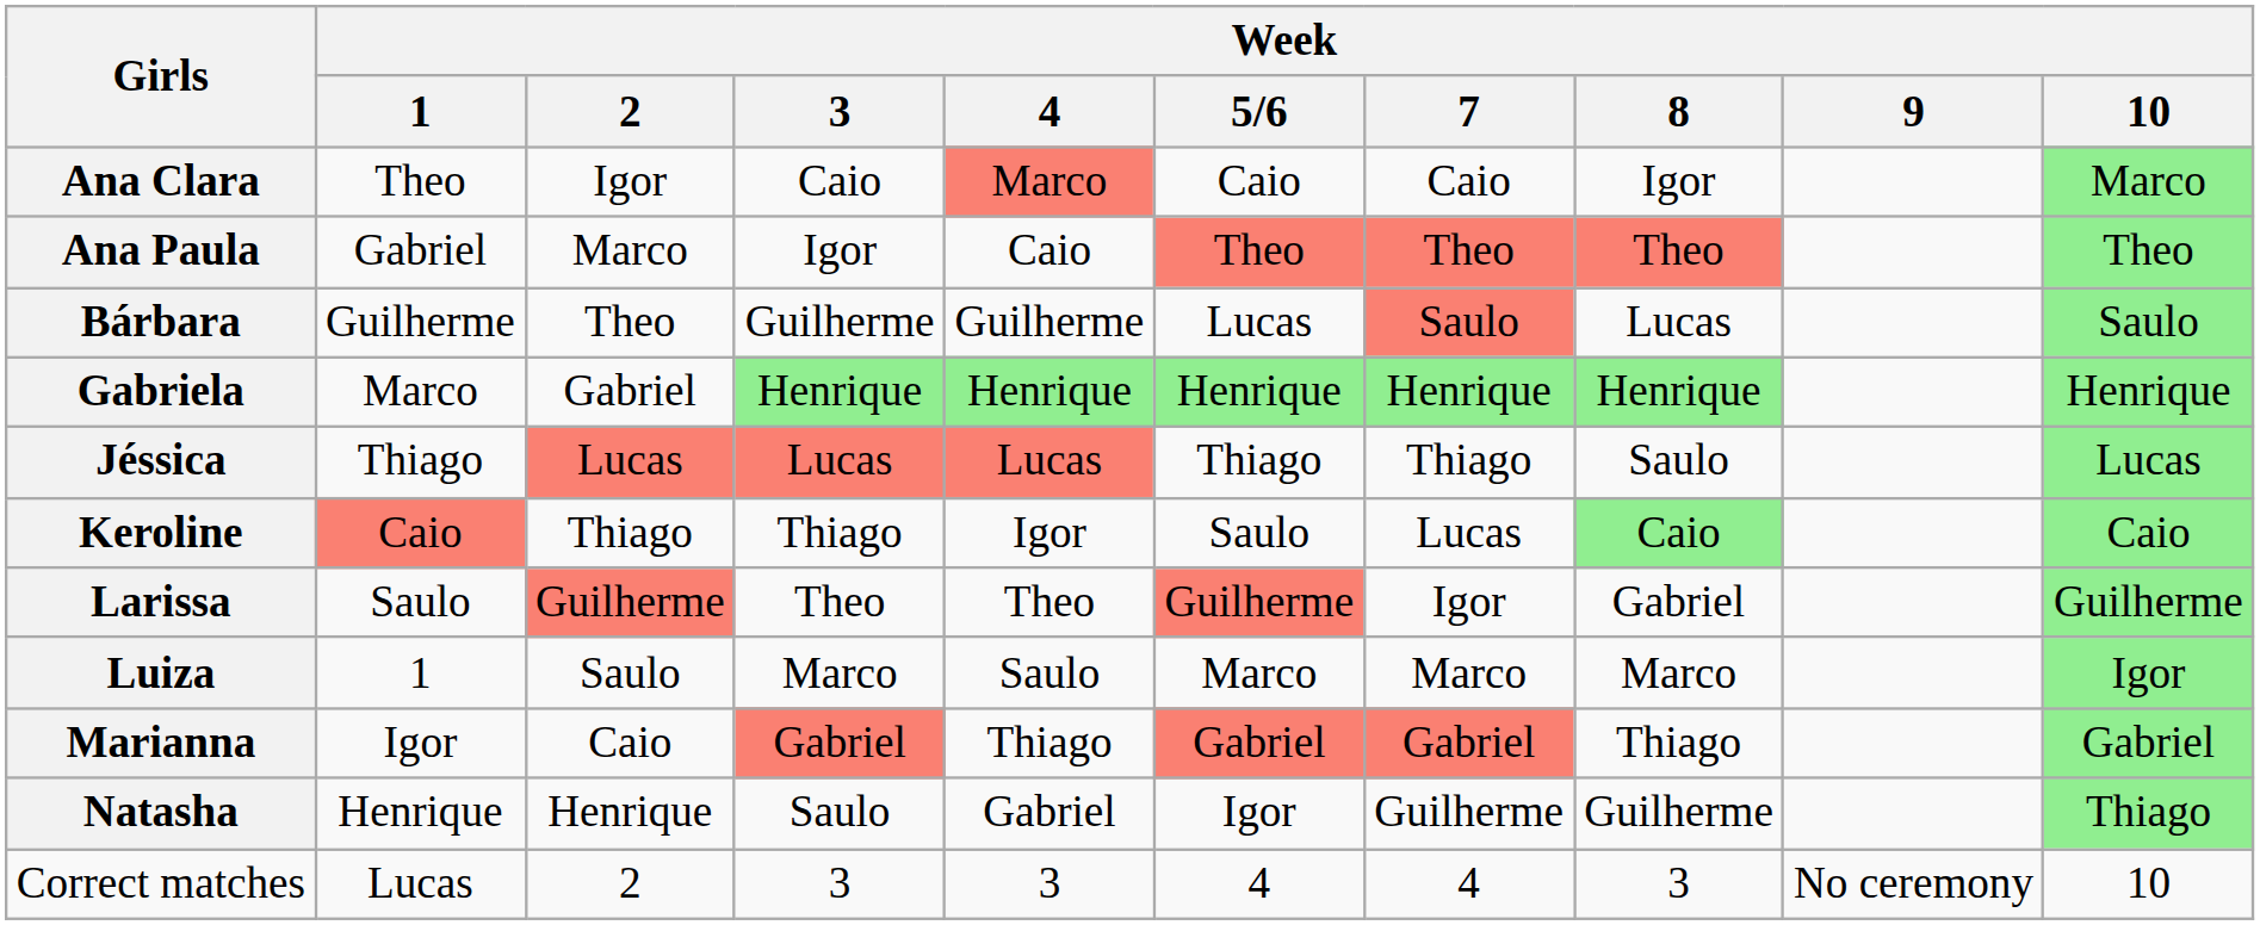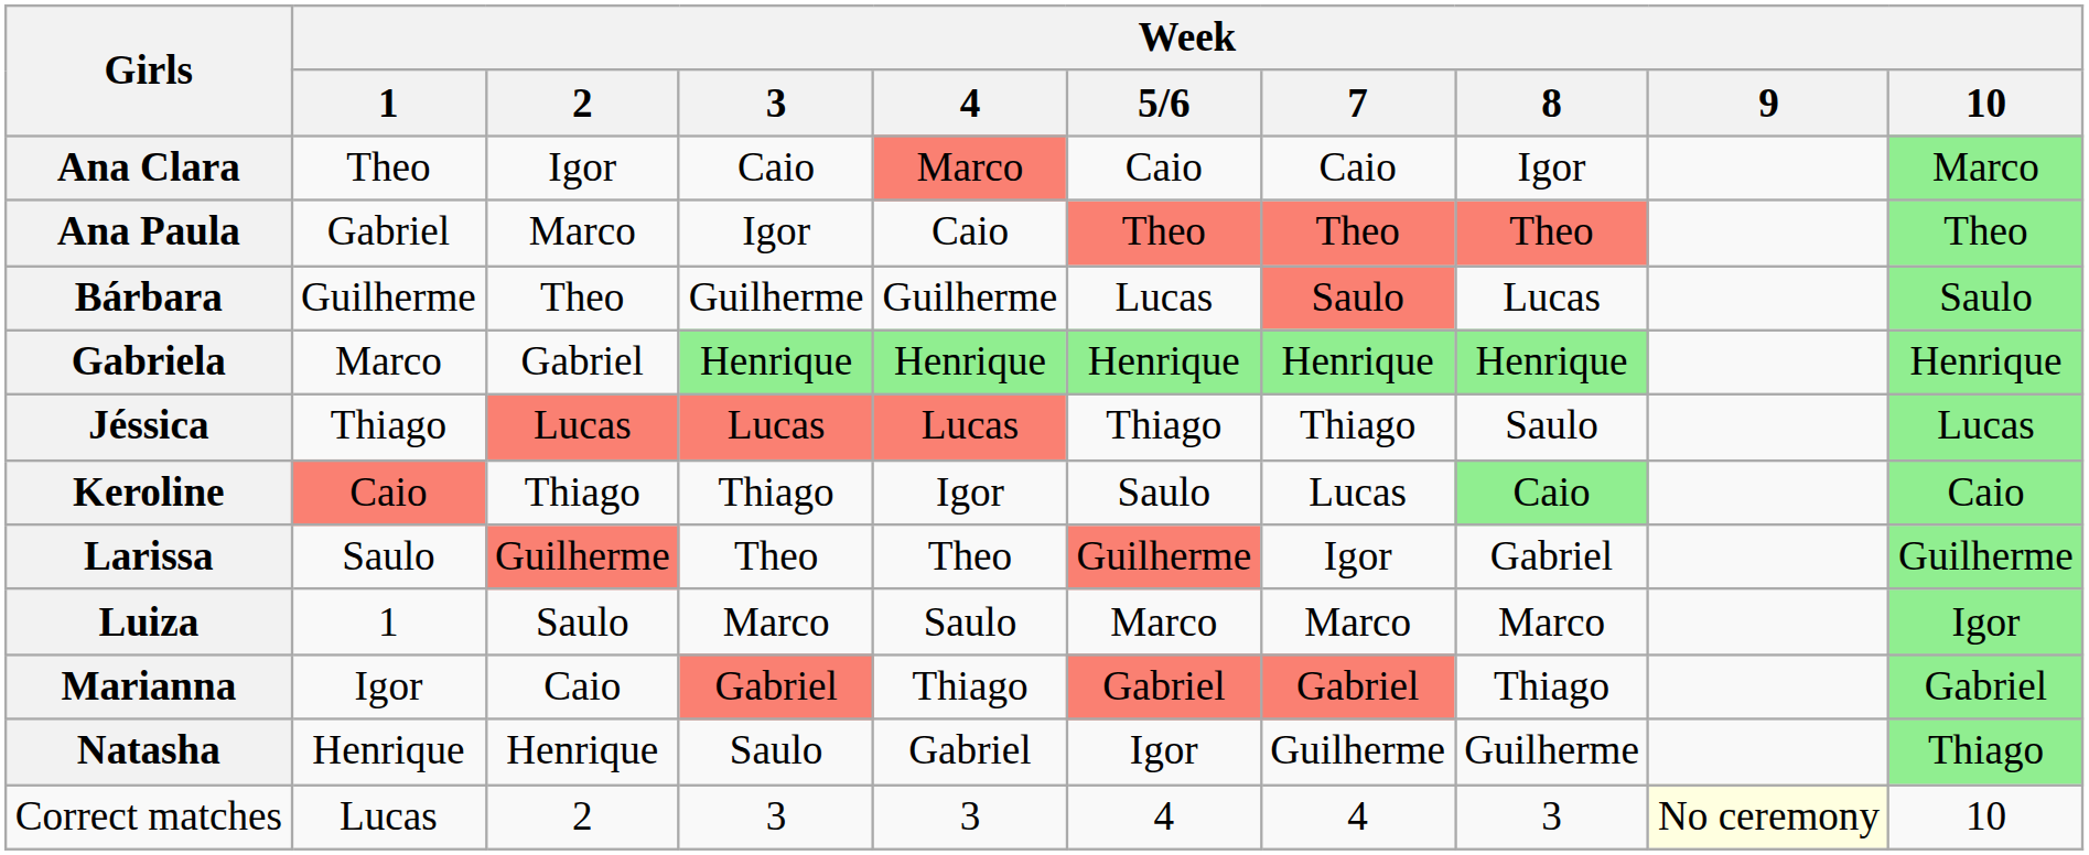 <table class="wikitable" style="text-align:center">
 <tr>
 <th rowspan=2>Girls</th>
 <th colspan=10>Week</th>
 </tr>
 <tr>
 <th>1</th>
 <th>2</th>
 <th>3</th>
 <th>4</th>
 <th>5/6</th>
 <th>7</th>
 <th>8</th>
 <th>9</th>
 <th>10</th>
 </tr>
 <tr>
 <th>Ana Clara</th>
 <td>Theo</td>
 <td>Igor</td>
 <td>Caio</td>
 <td style="background:salmon">Marco</td>
 <td>Caio</td>
 <td>Caio</td>
 <td>Igor</td>
 <td></td>
 <td style="background:lightgreen">Marco</td>
 </tr>
 <tr>
 <th>Ana Paula</th>
 <td>Gabriel</td>
 <td>Marco</td>
 <td>Igor</td>
 <td>Caio</td>
 <td style="background:salmon">Theo</td>
 <td style="background:salmon">Theo</td>
 <td style="background:salmon">Theo</td>
 <td></td>
 <td style="background:lightgreen">Theo</td>
 </tr>
 <tr>
 <th>Bárbara</th>
 <td>Guilherme</td>
 <td>Theo</td>
 <td>Guilherme</td>
 <td>Guilherme</td>
 <td>Lucas</td>
 <td style="background:salmon">Saulo</td>
 <td>Lucas</td>
 <td></td>
 <td style="background:lightgreen">Saulo</td>
 </tr>
 <tr>
 <th>Gabriela</th>
 <td>Marco</td>
 <td>Gabriel</td>
 <td style="background:lightgreen">Henrique</td>
 <td style="background:lightgreen">Henrique</td>
 <td style="background:lightgreen">Henrique</td>
 <td style="background:lightgreen">Henrique</td>
 <td style="background:lightgreen">Henrique</td>
 <td></td>
 <td style="background:lightgreen">Henrique</td>
 </tr>
 <tr>
 <th>Jéssica</th>
 <td>Thiago</td>
 <td style="background:salmon">Lucas</td>
 <td style="background:salmon">Lucas</td>
 <td style="background:salmon">Lucas</td>
 <td>Thiago</td>
 <td>Thiago</td>
 <td>Saulo</td>
 <td></td>
 <td style="background:lightgreen">Lucas</td>
 </tr>
 <tr>
 <th>Keroline</th>
 <td style="background:salmon">Caio</td>
 <td>Thiago</td>
 <td>Thiago</td>
 <td>Igor</td>
 <td>Saulo</td>
 <td>Lucas</td>
 <td style="background:lightgreen">Caio</td>
 <td></td>
 <td style="background:lightgreen">Caio</td>
 </tr>
 <tr>
 <th>Larissa</th>
 <td>Saulo</td>
 <td style="background:salmon">Guilherme</td>
 <td>Theo</td>
 <td>Theo</td>
 <td style="background:salmon">Guilherme</td>
 <td>Igor</td>
 <td>Gabriel</td>
 <td></td>
 <td style="background:lightgreen">Guilherme</td>
 </tr>
 <tr>
 <th>Luiza</th>
 <td>1</td>
 <td>Saulo</td>
 <td>Marco</td>
 <td>Saulo</td>
 <td>Marco</td>
 <td>Marco</td>
 <td>Marco</td>
 <td></td>
 <td style="background:lightgreen">Igor</td>
 </tr>
 <tr>
 <th>Marianna</th>
 <td>Igor</td>
 <td>Caio</td>
 <td style="background:salmon">Gabriel</td>
 <td>Thiago</td>
 <td style="background:salmon">Gabriel</td>
 <td style="background:salmon">Gabriel</td>
 <td>Thiago</td>
 <td></td>
 <td style="background:lightgreen">Gabriel</td>
 </tr>
 <tr>
 <th>Natasha</th>
 <td>Henrique</td>
 <td>Henrique</td>
 <td>Saulo</td>
 <td>Gabriel</td>
 <td>Igor</td>
 <td>Guilherme</td>
 <td>Guilherme</td>
 <td></td>
 <td style="background:lightgreen">Thiago</td>
 </tr>
 <tr>
 <td>Correct matches</td>
 <td>Lucas</td>
 <td>2</td>
 <td>3</td>
 <td>3</td>
 <td>4</td>
 <td>4</td>
 <td>3</td>
-<td>No ceremony</td>
+<td style="background: lightyellow;">No ceremony</td>
 <td>10</td>
 </tr>
 </table>
